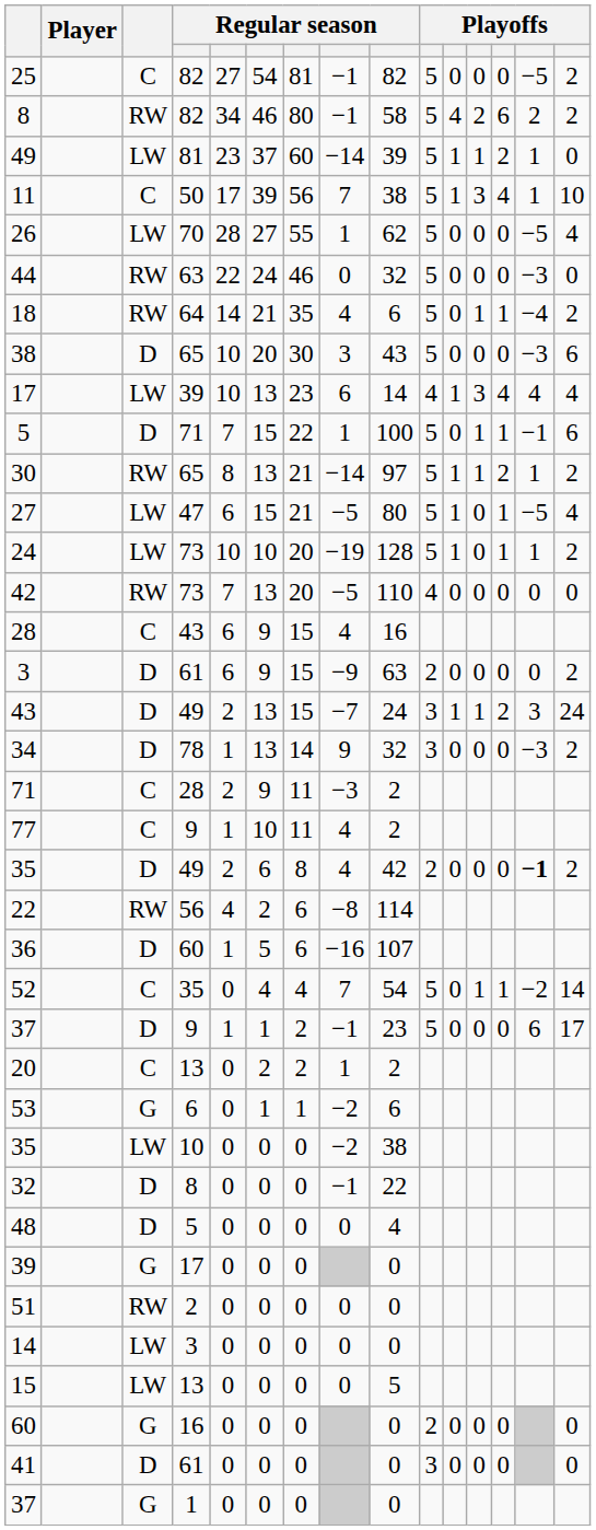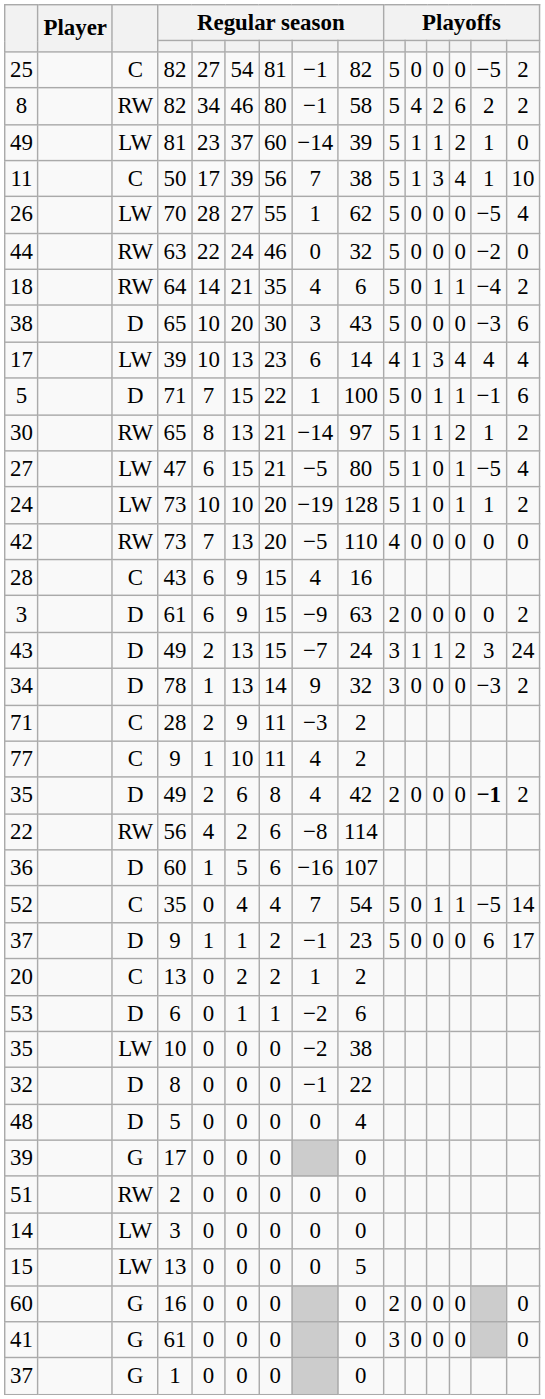 <table class="wikitable sortable plainrowheaders" style="text-align:center;">
 <tr>
 <th scope="col" data-sort-type="number" rowspan="2"></th>
 <th scope="col" rowspan="2">Player</th>
 <th scope="col" rowspan="2"></th>
 <th scope=colgroup colspan=6>Regular season</th>
 <th scope=colgroup colspan=6>Playoffs</th>
 </tr>
 <tr>
 <th scope="col" data-sort-type="number"></th>
 <th scope="col" data-sort-type="number"></th>
 <th scope="col" data-sort-type="number"></th>
 <th scope="col" data-sort-type="number"></th>
 <th scope="col" data-sort-type="number"></th>
 <th scope="col" data-sort-type="number"></th>
 <th scope="col" data-sort-type="number"></th>
 <th scope="col" data-sort-type="number"></th>
 <th scope="col" data-sort-type="number"></th>
 <th scope="col" data-sort-type="number"></th>
 <th scope="col" data-sort-type="number"></th>
 <th scope="col" data-sort-type="number"></th>
 </tr>
 <tr>
 <td scope="row">25</td>
 <td align="left"></td>
 <td>C</td>
 <td>82</td>
 <td>27</td>
 <td>54</td>
 <td>81</td>
 <td>−1</td>
 <td>82</td>
 <td>5</td>
 <td>0</td>
 <td>0</td>
 <td>0</td>
 <td>−5</td>
 <td>2</td>
 </tr>
 <tr>
 <td scope="row">8</td>
 <td align="left"></td>
 <td>RW</td>
 <td>82</td>
 <td>34</td>
 <td>46</td>
 <td>80</td>
 <td>−1</td>
 <td>58</td>
 <td>5</td>
 <td>4</td>
 <td>2</td>
 <td>6</td>
 <td>2</td>
 <td>2</td>
 </tr>
 <tr>
 <td scope="row">49</td>
 <td align="left"></td>
 <td>LW</td>
 <td>81</td>
 <td>23</td>
 <td>37</td>
 <td>60</td>
 <td>−14</td>
 <td>39</td>
 <td>5</td>
 <td>1</td>
 <td>1</td>
 <td>2</td>
 <td>1</td>
 <td>0</td>
 </tr>
 <tr>
 <td scope="row">11</td>
 <td align="left"></td>
 <td>C</td>
 <td>50</td>
 <td>17</td>
 <td>39</td>
 <td>56</td>
 <td>7</td>
 <td>38</td>
 <td>5</td>
 <td>1</td>
 <td>3</td>
 <td>4</td>
 <td>1</td>
 <td>10</td>
 </tr>
 <tr>
 <td scope="row">26</td>
 <td align="left"></td>
 <td>LW</td>
 <td>70</td>
 <td>28</td>
 <td>27</td>
 <td>55</td>
 <td>1</td>
 <td>62</td>
 <td>5</td>
 <td>0</td>
 <td>0</td>
 <td>0</td>
 <td>−5</td>
 <td>4</td>
 </tr>
 <tr>
 <td scope="row">44</td>
 <td align="left"></td>
 <td>RW</td>
 <td>63</td>
 <td>22</td>
 <td>24</td>
 <td>46</td>
 <td>0</td>
 <td>32</td>
 <td>5</td>
 <td>0</td>
 <td>0</td>
 <td>0</td>
-<td>−3</td>
+<td>−2</td>
 <td>0</td>
 </tr>
 <tr>
 <td scope="row">18</td>
 <td align="left"></td>
 <td>RW</td>
 <td>64</td>
 <td>14</td>
 <td>21</td>
 <td>35</td>
 <td>4</td>
 <td>6</td>
 <td>5</td>
 <td>0</td>
 <td>1</td>
 <td>1</td>
 <td>−4</td>
 <td>2</td>
 </tr>
 <tr>
 <td scope="row">38</td>
 <td align="left"></td>
 <td>D</td>
 <td>65</td>
 <td>10</td>
 <td>20</td>
 <td>30</td>
 <td>3</td>
 <td>43</td>
 <td>5</td>
 <td>0</td>
 <td>0</td>
 <td>0</td>
 <td>−3</td>
 <td>6</td>
 </tr>
 <tr>
 <td scope="row">17</td>
 <td align="left"></td>
 <td>LW</td>
 <td>39</td>
 <td>10</td>
 <td>13</td>
 <td>23</td>
 <td>6</td>
 <td>14</td>
 <td>4</td>
 <td>1</td>
 <td>3</td>
 <td>4</td>
 <td>4</td>
 <td>4</td>
 </tr>
 <tr>
 <td scope="row">5</td>
 <td align="left"></td>
 <td>D</td>
 <td>71</td>
 <td>7</td>
 <td>15</td>
 <td>22</td>
 <td>1</td>
 <td>100</td>
 <td>5</td>
 <td>0</td>
 <td>1</td>
 <td>1</td>
 <td>−1</td>
 <td>6</td>
 </tr>
 <tr>
 <td scope="row">30</td>
 <td align="left"></td>
 <td>RW</td>
 <td>65</td>
 <td>8</td>
 <td>13</td>
 <td>21</td>
 <td>−14</td>
 <td>97</td>
 <td>5</td>
 <td>1</td>
 <td>1</td>
 <td>2</td>
 <td>1</td>
 <td>2</td>
 </tr>
 <tr>
 <td scope="row">27</td>
 <td align="left"></td>
 <td>LW</td>
 <td>47</td>
 <td>6</td>
 <td>15</td>
 <td>21</td>
 <td>−5</td>
 <td>80</td>
 <td>5</td>
 <td>1</td>
 <td>0</td>
 <td>1</td>
 <td>−5</td>
 <td>4</td>
 </tr>
 <tr>
 <td scope="row">24</td>
 <td align="left"></td>
 <td>LW</td>
 <td>73</td>
 <td>10</td>
 <td>10</td>
 <td>20</td>
 <td>−19</td>
 <td>128</td>
 <td>5</td>
 <td>1</td>
 <td>0</td>
 <td>1</td>
 <td>1</td>
 <td>2</td>
 </tr>
 <tr>
 <td scope="row">42</td>
 <td align="left"></td>
 <td>RW</td>
 <td>73</td>
 <td>7</td>
 <td>13</td>
 <td>20</td>
 <td>−5</td>
 <td>110</td>
 <td>4</td>
 <td>0</td>
 <td>0</td>
 <td>0</td>
 <td>0</td>
 <td>0</td>
 </tr>
 <tr>
 <td scope="row">28</td>
 <td align="left"></td>
 <td>C</td>
 <td>43</td>
 <td>6</td>
 <td>9</td>
 <td>15</td>
 <td>4</td>
 <td>16</td>
 <td></td>
 <td></td>
 <td></td>
 <td></td>
 <td></td>
 <td></td>
 </tr>
 <tr>
 <td scope="row">3</td>
 <td align="left"></td>
 <td>D</td>
 <td>61</td>
 <td>6</td>
 <td>9</td>
 <td>15</td>
 <td>−9</td>
 <td>63</td>
 <td>2</td>
 <td>0</td>
 <td>0</td>
 <td>0</td>
 <td>0</td>
 <td>2</td>
 </tr>
 <tr>
 <td scope="row">43</td>
 <td align="left"></td>
 <td>D</td>
 <td>49</td>
 <td>2</td>
 <td>13</td>
 <td>15</td>
 <td>−7</td>
 <td>24</td>
 <td>3</td>
 <td>1</td>
 <td>1</td>
 <td>2</td>
 <td>3</td>
 <td>24</td>
 </tr>
 <tr>
 <td scope="row">34</td>
 <td align="left"></td>
 <td>D</td>
 <td>78</td>
 <td>1</td>
 <td>13</td>
 <td>14</td>
 <td>9</td>
 <td>32</td>
 <td>3</td>
 <td>0</td>
 <td>0</td>
 <td>0</td>
 <td>−3</td>
 <td>2</td>
 </tr>
 <tr>
 <td scope="row">71</td>
 <td align="left"></td>
 <td>C</td>
 <td>28</td>
 <td>2</td>
 <td>9</td>
 <td>11</td>
 <td>−3</td>
 <td>2</td>
 <td></td>
 <td></td>
 <td></td>
 <td></td>
 <td></td>
 <td></td>
 </tr>
 <tr>
 <td scope="row">77</td>
 <td align="left"></td>
 <td>C</td>
 <td>9</td>
 <td>1</td>
 <td>10</td>
 <td>11</td>
 <td>4</td>
 <td>2</td>
 <td></td>
 <td></td>
 <td></td>
 <td></td>
 <td></td>
 <td></td>
 </tr>
 <tr>
 <td scope="row">35</td>
 <td align="left"></td>
 <td>D</td>
 <td>49</td>
 <td>2</td>
 <td>6</td>
 <td>8</td>
 <td>4</td>
 <td>42</td>
 <td>2</td>
 <td>0</td>
 <td>0</td>
 <td>0</td>
 <td><strong>−1</strong></td>
 <td>2</td>
 </tr>
 <tr>
 <td scope="row">22</td>
 <td align="left"></td>
 <td>RW</td>
 <td>56</td>
 <td>4</td>
 <td>2</td>
 <td>6</td>
 <td>−8</td>
 <td>114</td>
 <td></td>
 <td></td>
 <td></td>
 <td></td>
 <td></td>
 <td></td>
 </tr>
 <tr>
 <td scope="row">36</td>
 <td align="left"></td>
 <td>D</td>
 <td>60</td>
 <td>1</td>
 <td>5</td>
 <td>6</td>
 <td>−16</td>
 <td>107</td>
 <td></td>
 <td></td>
 <td></td>
 <td></td>
 <td></td>
 <td></td>
 </tr>
 <tr>
 <td scope="row">52</td>
 <td align="left"></td>
 <td>C</td>
 <td>35</td>
 <td>0</td>
 <td>4</td>
 <td>4</td>
 <td>7</td>
 <td>54</td>
 <td>5</td>
 <td>0</td>
 <td>1</td>
 <td>1</td>
-<td>−2</td>
+<td>−5</td>
 <td>14</td>
 </tr>
 <tr>
 <td scope="row">37</td>
 <td align="left"></td>
 <td>D</td>
 <td>9</td>
 <td>1</td>
 <td>1</td>
 <td>2</td>
 <td>−1</td>
 <td>23</td>
 <td>5</td>
 <td>0</td>
 <td>0</td>
 <td>0</td>
 <td>6</td>
 <td>17</td>
 </tr>
 <tr>
 <td scope="row">20</td>
 <td align="left"></td>
 <td>C</td>
 <td>13</td>
 <td>0</td>
 <td>2</td>
 <td>2</td>
 <td>1</td>
 <td>2</td>
 <td></td>
 <td></td>
 <td></td>
 <td></td>
 <td></td>
 <td></td>
 </tr>
 <tr>
 <td scope="row">53</td>
 <td align="left"></td>
-<td>G</td>
+<td>D</td>
 <td>6</td>
 <td>0</td>
 <td>1</td>
 <td>1</td>
 <td>−2</td>
 <td>6</td>
 <td></td>
 <td></td>
 <td></td>
 <td></td>
 <td></td>
 <td></td>
 </tr>
 <tr>
 <td scope="row">35</td>
 <td align="left"></td>
 <td>LW</td>
 <td>10</td>
 <td>0</td>
 <td>0</td>
 <td>0</td>
 <td>−2</td>
 <td>38</td>
 <td></td>
 <td></td>
 <td></td>
 <td></td>
 <td></td>
 <td></td>
 </tr>
 <tr>
 <td scope="row">32</td>
 <td align="left"></td>
 <td>D</td>
 <td>8</td>
 <td>0</td>
 <td>0</td>
 <td>0</td>
 <td>−1</td>
 <td>22</td>
 <td></td>
 <td></td>
 <td></td>
 <td></td>
 <td></td>
 <td></td>
 </tr>
 <tr>
 <td scope="row">48</td>
 <td align="left"></td>
 <td>D</td>
 <td>5</td>
 <td>0</td>
 <td>0</td>
 <td>0</td>
 <td>0</td>
 <td>4</td>
 <td></td>
 <td></td>
 <td></td>
 <td></td>
 <td></td>
 <td></td>
 </tr>
 <tr>
 <td scope="row">39</td>
 <td align="left"></td>
 <td>G</td>
 <td>17</td>
 <td>0</td>
 <td>0</td>
 <td>0</td>
 <td style="background:#ccc"></td>
 <td>0</td>
 <td></td>
 <td></td>
 <td></td>
 <td></td>
 <td></td>
 <td></td>
 </tr>
 <tr>
 <td scope="row">51</td>
 <td align="left"></td>
 <td>RW</td>
 <td>2</td>
 <td>0</td>
 <td>0</td>
 <td>0</td>
 <td>0</td>
 <td>0</td>
 <td></td>
 <td></td>
 <td></td>
 <td></td>
 <td></td>
 <td></td>
 </tr>
 <tr>
 <td scope="row">14</td>
 <td align="left"></td>
 <td>LW</td>
 <td>3</td>
 <td>0</td>
 <td>0</td>
 <td>0</td>
 <td>0</td>
 <td>0</td>
 <td></td>
 <td></td>
 <td></td>
 <td></td>
 <td></td>
 <td></td>
 </tr>
 <tr>
 <td scope="row">15</td>
 <td align="left"></td>
 <td>LW</td>
 <td>13</td>
 <td>0</td>
 <td>0</td>
 <td>0</td>
 <td>0</td>
 <td>5</td>
 <td></td>
 <td></td>
 <td></td>
 <td></td>
 <td></td>
 <td></td>
 </tr>
 <tr>
 <td scope="row">60</td>
 <td align="left"></td>
 <td>G</td>
 <td>16</td>
 <td>0</td>
 <td>0</td>
 <td>0</td>
 <td style="background:#ccc"></td>
 <td>0</td>
 <td>2</td>
 <td>0</td>
 <td>0</td>
 <td>0</td>
 <td style="background:#ccc"></td>
 <td>0</td>
 </tr>
 <tr>
 <td scope="row">41</td>
 <td align="left"></td>
-<td>D</td>
+<td>G</td>
 <td>61</td>
 <td>0</td>
 <td>0</td>
 <td>0</td>
 <td style="background:#ccc"></td>
 <td>0</td>
 <td>3</td>
 <td>0</td>
 <td>0</td>
 <td>0</td>
 <td style="background:#ccc"></td>
 <td>0</td>
 </tr>
 <tr>
 <td scope="row">37</td>
 <td align="left"></td>
 <td>G</td>
 <td>1</td>
 <td>0</td>
 <td>0</td>
 <td>0</td>
 <td style="background:#ccc"></td>
 <td>0</td>
 <td></td>
 <td></td>
 <td></td>
 <td></td>
 <td></td>
 <td></td>
 </tr>
 </table>
